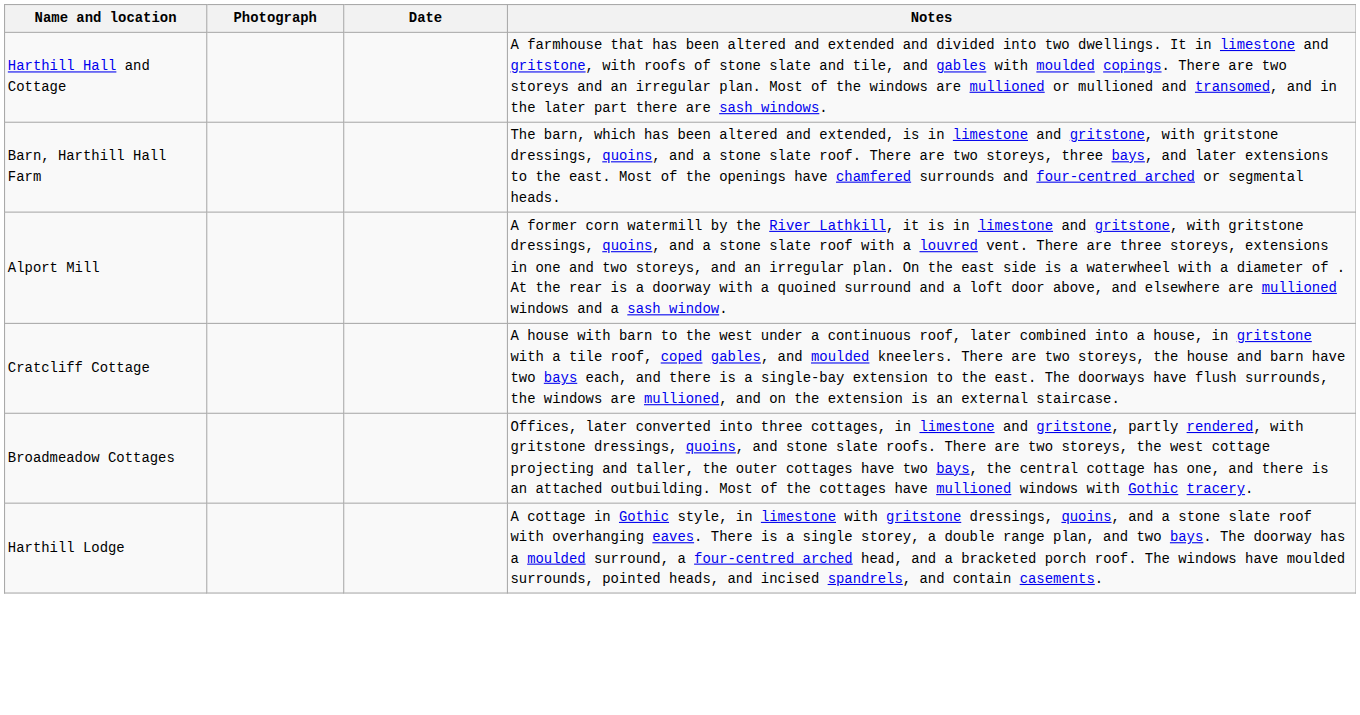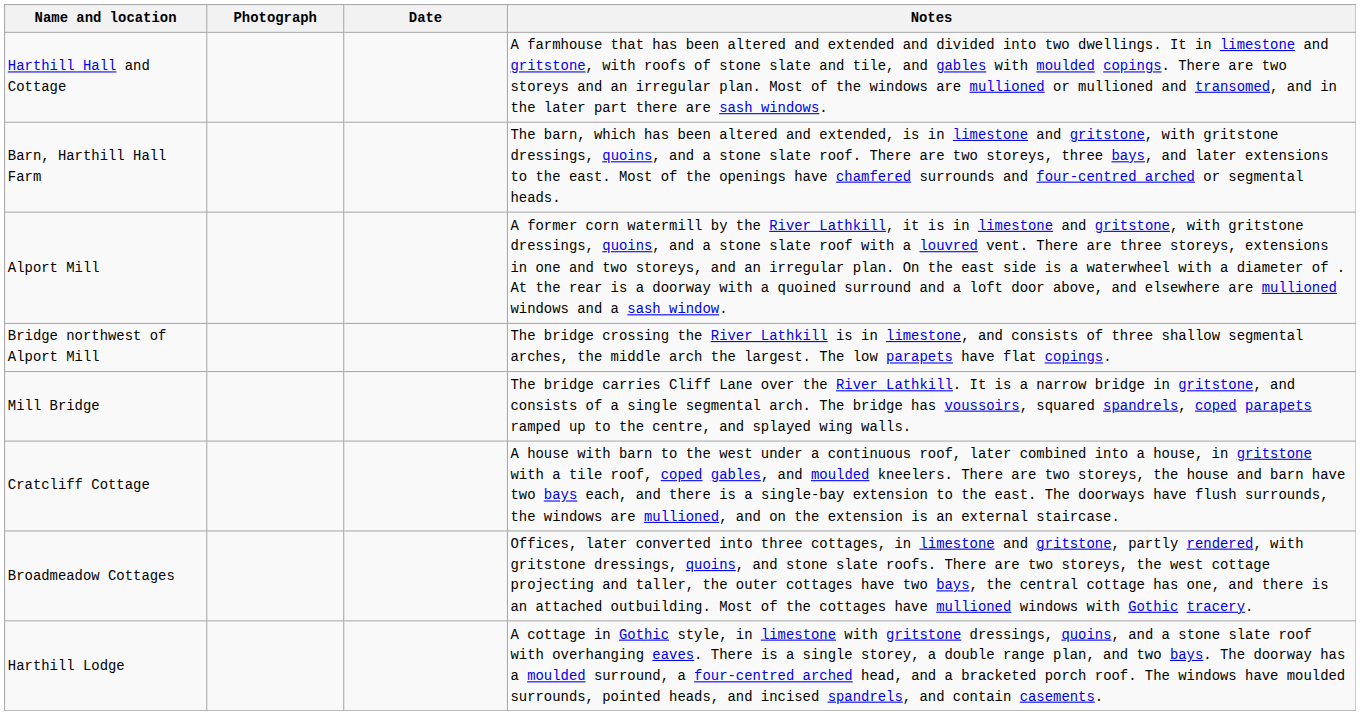 <table class="wikitable sortable plainrowheaders" style="width:100%;border:0px;text-align:left;line-height:150%;">
 <tr>
 <th scope="col"  style="width:150px">Name and location</th>
 <th scope="col"  style="width:100px" class="unsortable">Photograph</th>
 <th scope="col"  style="width:120px">Date</th>
 <th scope="col"  style="width:650px" class="unsortable">Notes</th>
 </tr>
 <tr>
 <td><a href='#'>Harthill Hall</a> and Cottage<br><small></small></td>
 <td></td>
 <td align="center"></td>
 <td>A farmhouse that has been altered and extended and divided into two dwellings.  It in <a href='#'>limestone</a> and <a href='#'>gritstone</a>, with roofs of stone slate and tile, and <a href='#'>gables</a> with <a href='#'>moulded</a> <a href='#'>copings</a>.  There are two storeys and an irregular plan.  Most of the windows are <a href='#'>mullioned</a> or mullioned and <a href='#'>transomed</a>, and in the later part there are <a href='#'>sash windows</a>.</td>
 </tr>
 <tr>
 <td>Barn, Harthill Hall Farm<br><small></small></td>
 <td></td>
 <td align="center"></td>
 <td>The barn, which has been altered and extended, is in <a href='#'>limestone</a> and <a href='#'>gritstone</a>, with gritstone dressings, <a href='#'>quoins</a>, and a stone slate roof.  There are two storeys, three <a href='#'>bays</a>, and later extensions to the east.  Most of the openings have <a href='#'>chamfered</a> surrounds and <a href='#'>four-centred arched</a> or segmental heads.</td>
 </tr>
 <tr>
 <td>Alport Mill<br><small></small></td>
 <td></td>
 <td align="center"></td>
 <td>A former corn watermill by the <a href='#'>River Lathkill</a>, it is in <a href='#'>limestone</a> and <a href='#'>gritstone</a>, with gritstone dressings, <a href='#'>quoins</a>, and a stone slate roof with a <a href='#'>louvred</a> vent.  There are three storeys, extensions in one and two storeys, and an irregular plan.  On the east side is a waterwheel with a diameter of .  At the rear is a doorway with a quoined surround and a loft door above, and elsewhere are <a href='#'>mullioned</a> windows and a <a href='#'>sash window</a>.</td>
 </tr>
 <tr>
+<td>Bridge northwest of Alport Mill<br><small></small></td>
+<td></td>
+<td align="center"></td>
+<td>The bridge crossing the <a href='#'>River Lathkill</a> is in <a href='#'>limestone</a>, and consists of three shallow segmental arches, the middle arch the largest.  The low <a href='#'>parapets</a> have flat <a href='#'>copings</a>.</td>
+</tr>
+<tr>
+<td>Mill Bridge<br><small></small></td>
+<td></td>
+<td align="center"></td>
+<td>The bridge carries Cliff Lane over the <a href='#'>River Lathkill</a>.  It is a narrow bridge in <a href='#'>gritstone</a>, and consists of a single segmental arch.  The bridge has <a href='#'>voussoirs</a>, squared <a href='#'>spandrels</a>, <a href='#'>coped</a> <a href='#'>parapets</a> ramped up to the centre, and splayed wing walls.</td>
+</tr>
+<tr>
 <td>Cratcliff Cottage<br><small></small></td>
 <td></td>
 <td align="center"></td>
 <td>A house with barn to the west under a continuous roof, later combined into a house, in <a href='#'>gritstone</a> with a tile roof, <a href='#'>coped</a> <a href='#'>gables</a>, and <a href='#'>moulded</a> kneelers.  There are two storeys, the house and barn have two <a href='#'>bays</a> each, and there is a single-bay extension to the east.  The doorways have flush surrounds, the windows are <a href='#'>mullioned</a>, and on the extension is an external staircase.</td>
 </tr>
 <tr>
 <td>Broadmeadow Cottages<br><small></small></td>
 <td></td>
 <td align="center"></td>
 <td>Offices, later converted into three cottages, in <a href='#'>limestone</a> and <a href='#'>gritstone</a>, partly <a href='#'>rendered</a>, with gritstone dressings, <a href='#'>quoins</a>, and stone slate roofs.  There are two storeys, the west cottage projecting and taller, the outer cottages have two <a href='#'>bays</a>, the central cottage has one, and there is an attached outbuilding.  Most of the cottages have <a href='#'>mullioned</a> windows with <a href='#'>Gothic</a> <a href='#'>tracery</a>.</td>
 </tr>
 <tr>
 <td>Harthill Lodge<br><small></small></td>
 <td></td>
 <td align="center"></td>
 <td>A cottage in <a href='#'>Gothic</a> style, in <a href='#'>limestone</a> with <a href='#'>gritstone</a> dressings, <a href='#'>quoins</a>, and a stone slate roof with overhanging <a href='#'>eaves</a>.  There is a single storey, a double range plan, and two <a href='#'>bays</a>.  The doorway has a <a href='#'>moulded</a> surround, a <a href='#'>four-centred arched</a> head, and a bracketed porch roof.  The windows have moulded surrounds, pointed heads, and incised <a href='#'>spandrels</a>, and contain <a href='#'>casements</a>.</td>
 </tr>
 <tr>
 </tr>
 </table>
